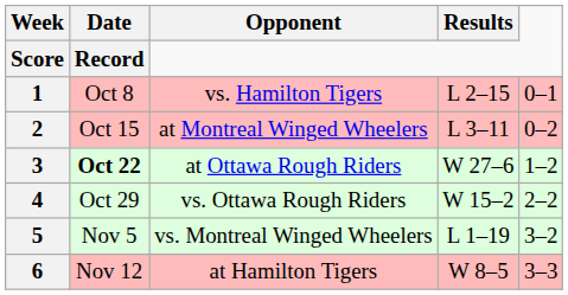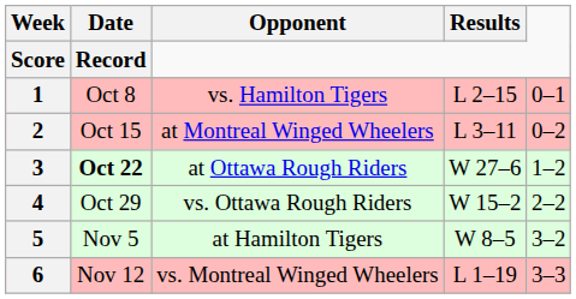 <table class="wikitable" style="text-align:center">
 <tr>
 <th>Week</th>
 <th>Date</th>
 <th>Opponent</th>
 <th>Results</th>
 </tr>
 <tr>
 <th>Score</th>
 <th>Record</th>
 </tr>
 <tr style="background:#ffbbbb">
 <th>1</th>
 <td>Oct 8</td>
 <td>vs. <a href='#'>Hamilton Tigers</a></td>
 <td>L 2–15</td>
 <td>0–1</td>
 </tr>
 <tr style="background:#ffbbbb">
 <th>2</th>
 <td>Oct 15</td>
 <td>at <a href='#'>Montreal Winged Wheelers</a></td>
 <td>L 3–11</td>
 <td>0–2</td>
 </tr>
 <tr style="background:#ddffdd">
 <th>3</th>
 <td><strong>Oct 22</strong></td>
 <td>at <a href='#'>Ottawa Rough Riders</a></td>
 <td>W 27–6</td>
 <td>1–2</td>
 </tr>
 <tr style="background:#ddffdd">
 <th>4</th>
 <td>Oct 29</td>
 <td>vs. Ottawa Rough Riders</td>
 <td>W 15–2</td>
 <td>2–2</td>
 </tr>
 <tr style="background:#ddffdd">
 <th>5</th>
 <td>Nov 5</td>
-<td>vs. Montreal Winged Wheelers</td>
-<td>L 1–19</td>
+<td>at Hamilton Tigers</td>
+<td>W 8–5</td>
 <td>3–2</td>
 </tr>
 <tr style="background:#ffbbbb">
 <th>6</th>
 <td>Nov 12</td>
-<td>at Hamilton Tigers</td>
-<td>W 8–5</td>
+<td>vs. Montreal Winged Wheelers</td>
+<td>L 1–19</td>
 <td>3–3</td>
 </tr>
 </table>
